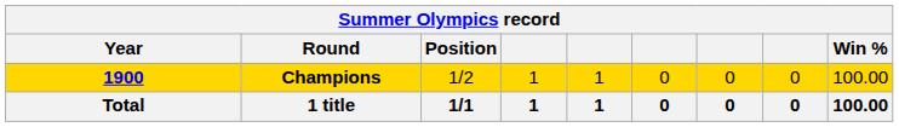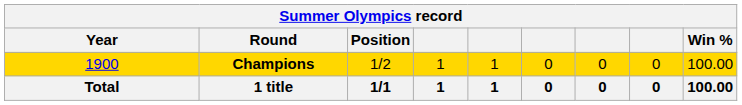 <table class="wikitable" style="text-align:center">
 <tr>
 <th colspan=9><a href='#'>Summer Olympics</a> record</th>
 </tr>
 <tr>
 <th width=200>Year</th>
 <th width=150>Round</th>
 <th width=50>Position</th>
 <th width=50></th>
 <th width=50></th>
 <th width=50></th>
 <th width=50></th>
 <th width=50></th>
 <th width=50>Win %</th>
 </tr>
 <tr style="background:Gold">
-<td><strong> <a href='#'>1900</a></strong></td>
+<td> <a href='#'>1900</a></td>
 <td><strong>Champions</strong></td>
 <td>1/2</td>
 <td>1</td>
 <td>1</td>
 <td>0</td>
 <td>0</td>
 <td>0</td>
 <td>100.00</td>
 </tr>
 <tr>
 <th>Total</th>
 <th>1 title</th>
 <th>1/1</th>
 <th>1</th>
 <th>1</th>
 <th>0</th>
 <th>0</th>
 <th>0</th>
 <th>100.00</th>
 </tr>
 </table>
